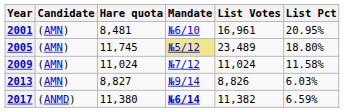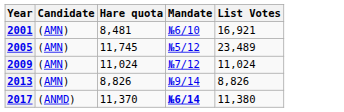 <table class="wikitable" style="margin:0.5em;">
 <tr>
 <th scope="col">Year</th>
 <th scope="col">Candidate</th>
 <th scope="col">Hare quota</th>
 <th scope="col">Mandate</th>
 <th scope="col">List Votes</th>
-<th scope="col">List Pct</th>
 </tr>
 <tr>
 <th scope="row"><a href='#'>2001</a></th>
 <td> (<a href='#'>AMN</a>)</td>
 <td>8,481</td>
 <td><a href='#'>№6/10</a></td>
-<td>16,961</td>
-<td>20.95%</td>
+<td>16,921</td>
 </tr>
 <tr>
 <th scope="row"><a href='#'>2005</a></th>
 <td> (<a href='#'>AMN</a>)</td>
 <td>11,745</td>
-<td style="background: khaki;"><a href='#'>№5/12</a></td>
+<td><a href='#'>№5/12</a></td>
 <td>23,489</td>
-<td>18.80%</td>
 </tr>
 <tr>
 <th scope="row"><a href='#'>2009</a></th>
 <td> (<a href='#'>AMN</a>)</td>
 <td>11,024</td>
 <td><a href='#'>№7/12</a></td>
 <td>11,024</td>
-<td>11.58%</td>
 </tr>
 <tr>
 <th scope="row"><a href='#'>2013</a></th>
 <td> (<a href='#'>AMN</a>)</td>
-<td>8,827</td>
+<td>8,826</td>
 <td><a href='#'>№9/14</a></td>
 <td>8,826</td>
-<td>6.03%</td>
 </tr>
 <tr>
 <th scope="row"><a href='#'>2017</a></th>
 <td> (<a href='#'>ANMD</a>)</td>
+<td>11,370</td>
+<td><strong><a href='#'>№6/14</a></strong></td>
 <td>11,380</td>
-<td><strong><a href='#'>№6/14</a></strong></td>
-<td>11,382</td>
-<td>6.59%</td>
 </tr>
 </table>
